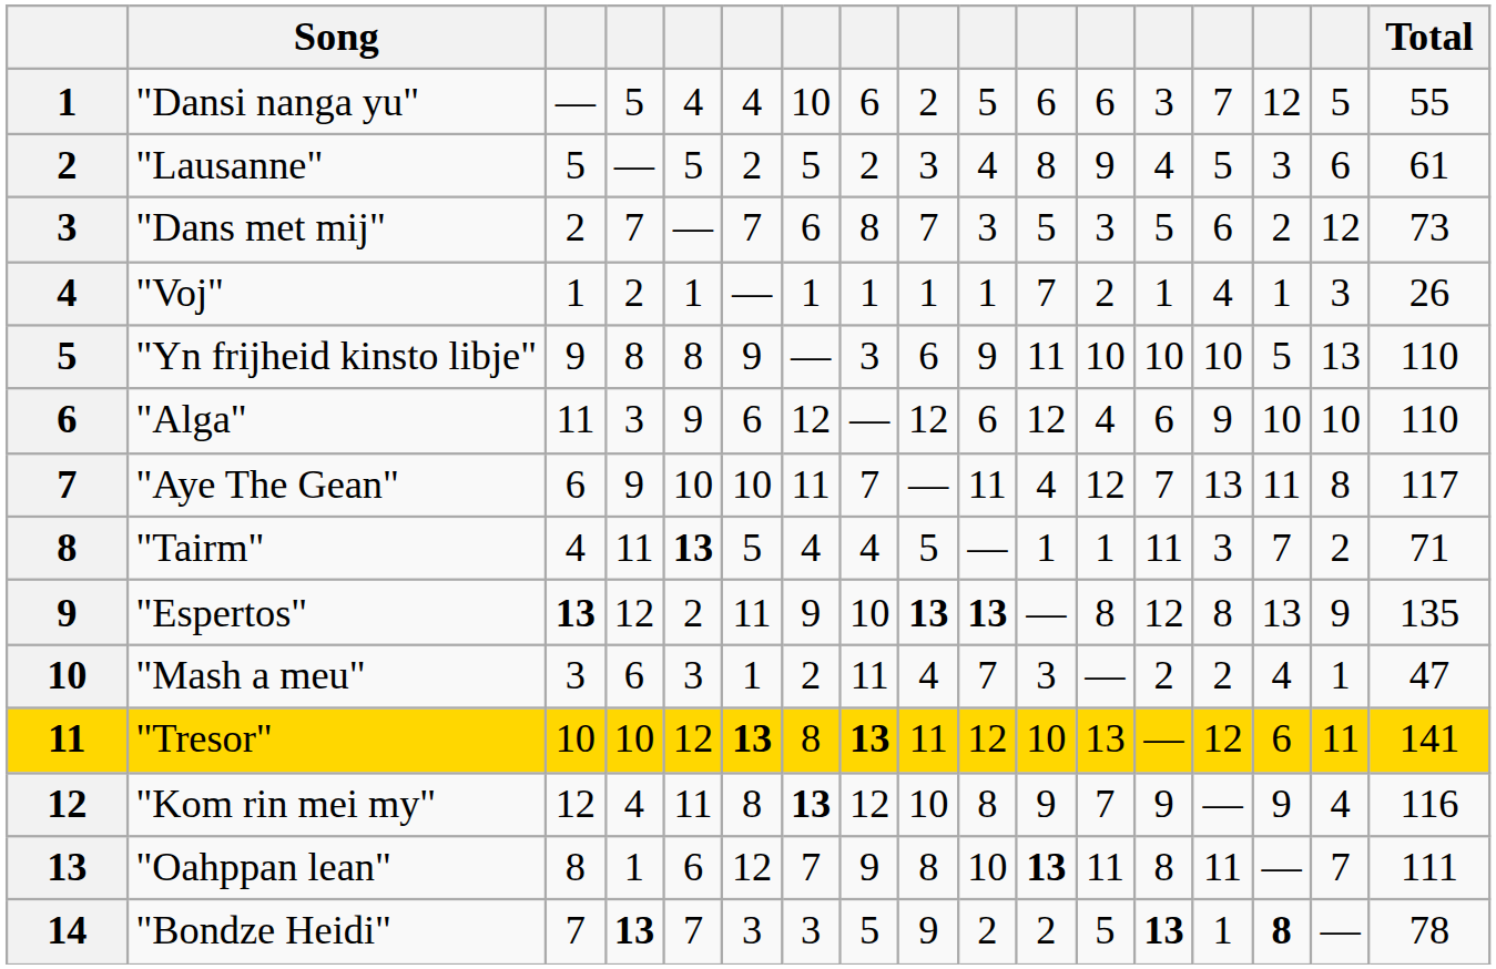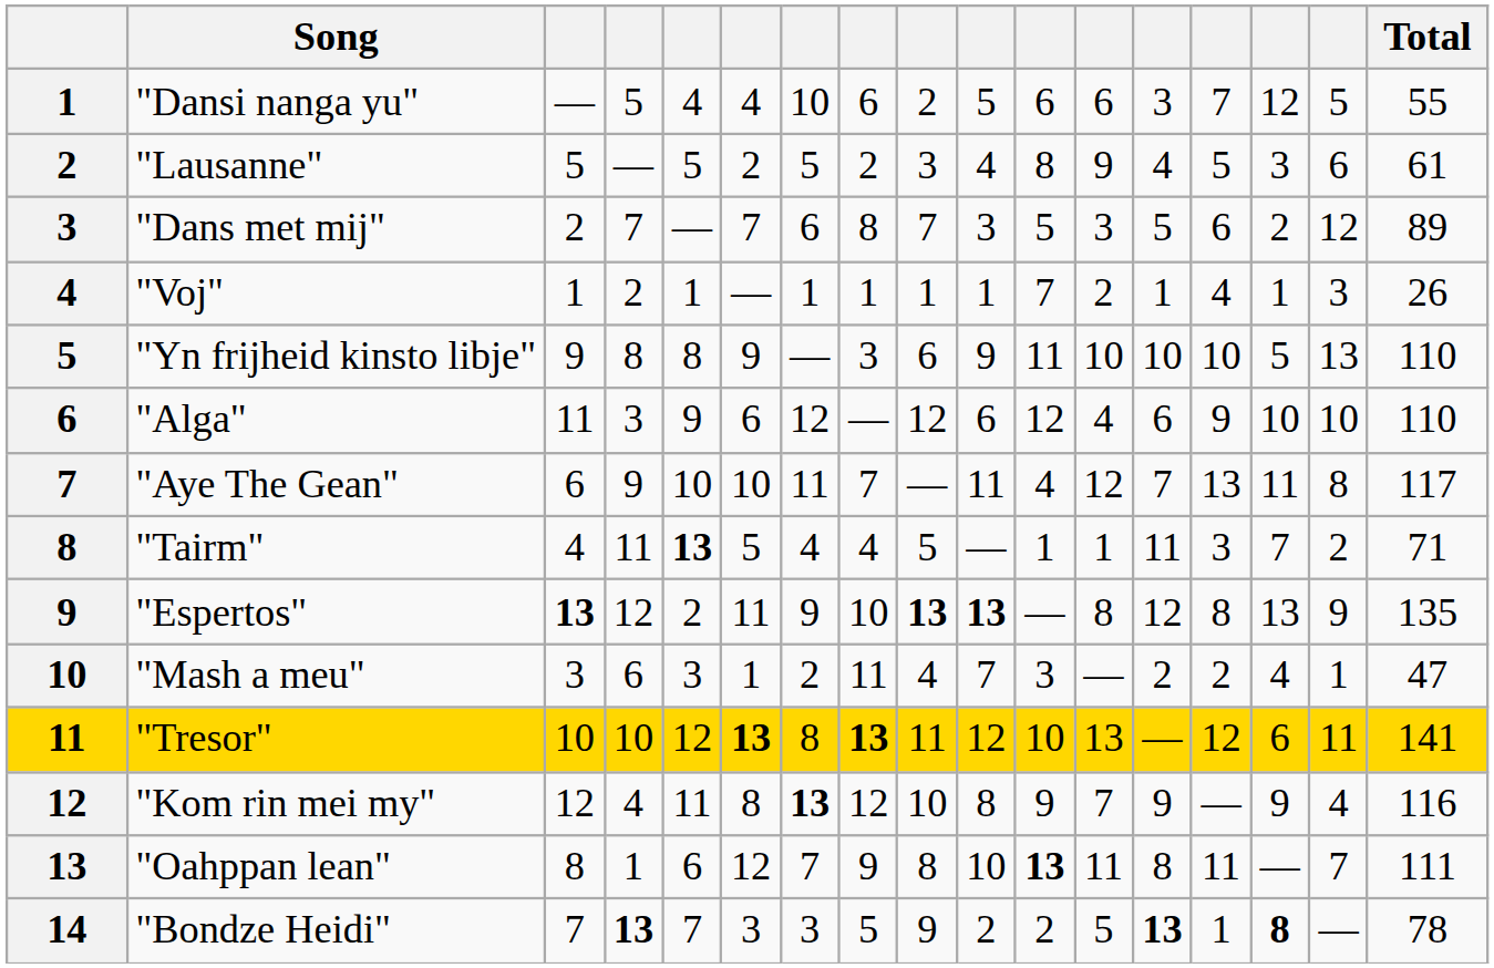 <table class="sortable wikitable plainrowheaders" style="margin: 1em auto 1em auto; text-align:center;">
 <tr>
 <th scope="col" style="width:2.5em;"></th>
 <th scope="col">Song</th>
 <th scope="col"></th>
 <th scope="col"></th>
 <th scope="col"></th>
 <th scope="col"></th>
 <th scope="col"></th>
 <th scope="col"></th>
 <th scope="col"></th>
 <th scope="col"></th>
 <th scope="col"></th>
 <th scope="col"></th>
 <th></th>
 <th></th>
 <th></th>
 <th></th>
 <th scope="col" style="width:2.5em;">Total</th>
 </tr>
 <tr>
 <th scope="row" style="text-align:center;">1</th>
 <td align="left">"Dansi nanga yu"</td>
 <td>—</td>
 <td>5</td>
 <td>4</td>
 <td>4</td>
 <td>10</td>
 <td>6</td>
 <td>2</td>
 <td>5</td>
 <td>6</td>
 <td>6</td>
 <td>3</td>
 <td>7</td>
 <td>12</td>
 <td>5</td>
 <td>55</td>
 </tr>
 <tr>
 <th scope="row" style="text-align:center;">2</th>
 <td align="left">"Lausanne"</td>
 <td>5</td>
 <td>—</td>
 <td>5</td>
 <td>2</td>
 <td>5</td>
 <td>2</td>
 <td>3</td>
 <td>4</td>
 <td>8</td>
 <td>9</td>
 <td>4</td>
 <td>5</td>
 <td>3</td>
 <td>6</td>
 <td>61</td>
 </tr>
 <tr>
 <th scope="row" style="text-align:center;">3</th>
 <td align="left">"Dans met mij"</td>
 <td>2</td>
 <td>7</td>
 <td>—</td>
 <td>7</td>
 <td>6</td>
 <td>8</td>
 <td>7</td>
 <td>3</td>
 <td>5</td>
 <td>3</td>
 <td>5</td>
 <td>6</td>
 <td>2</td>
 <td>12</td>
-<td>73</td>
+<td>89</td>
 </tr>
 <tr>
 <th scope="row" style="text-align:center;">4</th>
 <td align="left">"Voj"</td>
 <td>1</td>
 <td>2</td>
 <td>1</td>
 <td>—</td>
 <td>1</td>
 <td>1</td>
 <td>1</td>
 <td>1</td>
 <td>7</td>
 <td>2</td>
 <td>1</td>
 <td>4</td>
 <td>1</td>
 <td>3</td>
 <td>26</td>
 </tr>
 <tr>
 <th scope="row" style="text-align:center;">5</th>
 <td align="left">"Yn frijheid kinsto libje"</td>
 <td>9</td>
 <td>8</td>
 <td>8</td>
 <td>9</td>
 <td>—</td>
 <td>3</td>
 <td>6</td>
 <td>9</td>
 <td>11</td>
 <td>10</td>
 <td>10</td>
 <td>10</td>
 <td>5</td>
 <td>13</td>
 <td>110</td>
 </tr>
 <tr>
 <th scope="row" style="text-align:center;">6</th>
 <td align="left">"Alga"</td>
 <td>11</td>
 <td>3</td>
 <td>9</td>
 <td>6</td>
 <td>12</td>
 <td>—</td>
 <td>12</td>
 <td>6</td>
 <td>12</td>
 <td>4</td>
 <td>6</td>
 <td>9</td>
 <td>10</td>
 <td>10</td>
 <td>110</td>
 </tr>
 <tr>
 <th scope="row" style="text-align:center;">7</th>
 <td align="left">"Aye The Gean"</td>
 <td>6</td>
 <td>9</td>
 <td>10</td>
 <td>10</td>
 <td>11</td>
 <td>7</td>
 <td>—</td>
 <td>11</td>
 <td>4</td>
 <td>12</td>
 <td>7</td>
 <td>13</td>
 <td>11</td>
 <td>8</td>
 <td>117</td>
 </tr>
 <tr>
 <th scope="row" style="text-align:center;">8</th>
 <td align="left">"Tairm"</td>
 <td>4</td>
 <td>11</td>
 <td><strong>13</strong></td>
 <td>5</td>
 <td>4</td>
 <td>4</td>
 <td>5</td>
 <td>—</td>
 <td>1</td>
 <td>1</td>
 <td>11</td>
 <td>3</td>
 <td>7</td>
 <td>2</td>
 <td>71</td>
 </tr>
 <tr>
 <th scope="row" style="text-align:center;">9</th>
 <td align="left">"Espertos"</td>
 <td><strong>13</strong></td>
 <td>12</td>
 <td>2</td>
 <td>11</td>
 <td>9</td>
 <td>10</td>
 <td><strong>13</strong></td>
 <td><strong>13</strong></td>
 <td>—</td>
 <td>8</td>
 <td>12</td>
 <td>8</td>
 <td>13</td>
 <td>9</td>
 <td>135</td>
 </tr>
 <tr>
 <th scope="row" style="text-align:center;">10</th>
 <td align="left">"Mash a meu"</td>
 <td>3</td>
 <td>6</td>
 <td>3</td>
 <td>1</td>
 <td>2</td>
 <td>11</td>
 <td>4</td>
 <td>7</td>
 <td>3</td>
 <td>—</td>
 <td>2</td>
 <td>2</td>
 <td>4</td>
 <td>1</td>
 <td>47</td>
 </tr>
 <tr bgcolor="gold">
 <th scope="row" style="text-align:center; font-weight:bold; background:gold;">11</th>
 <td align="left">"Tresor"</td>
 <td>10</td>
 <td>10</td>
 <td>12</td>
 <td><strong>13</strong></td>
 <td>8</td>
 <td><strong>13</strong></td>
 <td>11</td>
 <td>12</td>
 <td>10</td>
 <td>13</td>
 <td>—</td>
 <td>12</td>
 <td>6</td>
 <td>11</td>
 <td>141</td>
 </tr>
 <tr>
 <th scope="row" style="text-align:center;">12</th>
 <td align="left">"Kom rin mei my"</td>
 <td>12</td>
 <td>4</td>
 <td>11</td>
 <td>8</td>
 <td><strong>13</strong></td>
 <td>12</td>
 <td>10</td>
 <td>8</td>
 <td>9</td>
 <td>7</td>
 <td>9</td>
 <td>—</td>
 <td>9</td>
 <td>4</td>
 <td>116</td>
 </tr>
 <tr>
 <th scope="row" style="text-align:center;">13</th>
 <td align="left">"Oahppan lean"</td>
 <td>8</td>
 <td>1</td>
 <td>6</td>
 <td>12</td>
 <td>7</td>
 <td>9</td>
 <td>8</td>
 <td>10</td>
 <td><strong>13</strong></td>
 <td>11</td>
 <td>8</td>
 <td>11</td>
 <td>—</td>
 <td>7</td>
 <td>111</td>
 </tr>
 <tr>
 <th scope="row" style="text-align:center;">14</th>
 <td align="left">"Bondze Heidi"</td>
 <td>7</td>
 <td><strong>13</strong></td>
 <td>7</td>
 <td>3</td>
 <td>3</td>
 <td>5</td>
 <td>9</td>
 <td>2</td>
 <td>2</td>
 <td>5</td>
 <td><strong>13</strong></td>
 <td>1</td>
 <td><strong>8</strong></td>
 <td>—</td>
 <td>78</td>
 </tr>
 </table>
